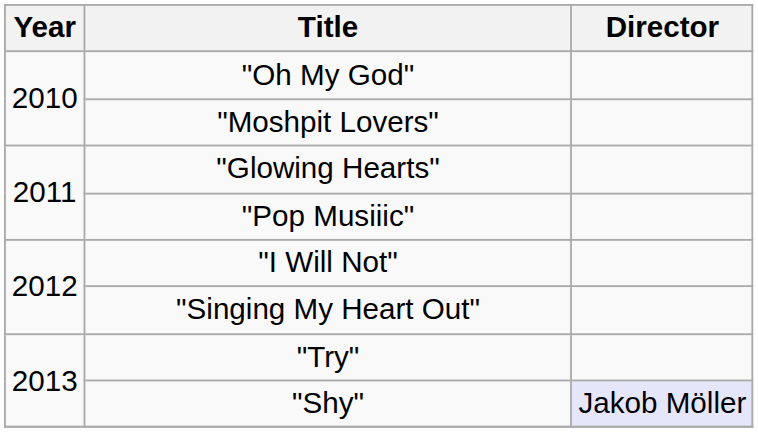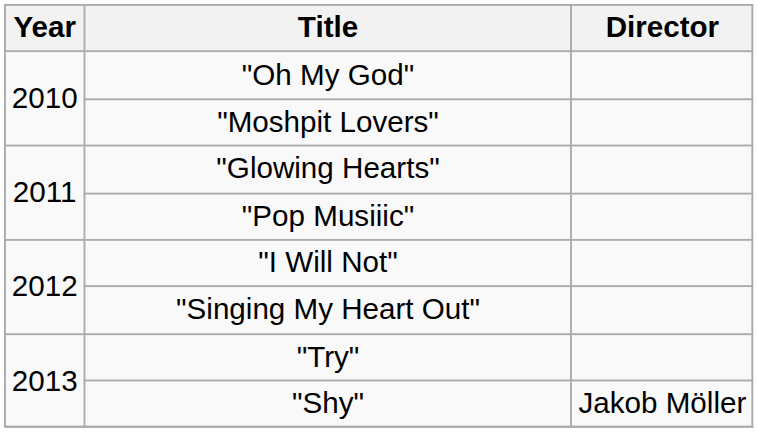 <table class="wikitable plainrowheaders" style="text-align:center;">
 <tr>
 <th scope="col">Year</th>
 <th scope="col" style="width:16em;">Title</th>
 <th scope="col">Director</th>
 </tr>
 <tr>
 <td rowspan="2">2010</td>
 <td>"Oh My God"</td>
 <td></td>
 </tr>
 <tr>
 <td>"Moshpit Lovers"</td>
 <td></td>
 </tr>
 <tr>
 <td rowspan="2">2011</td>
 <td>"Glowing Hearts"</td>
 <td></td>
 </tr>
 <tr>
 <td>"Pop Musiiic"</td>
 <td></td>
 </tr>
 <tr>
 <td rowspan="2">2012</td>
 <td>"I Will Not"</td>
 <td></td>
 </tr>
 <tr>
 <td>"Singing My Heart Out"</td>
 <td></td>
 </tr>
 <tr>
 <td rowspan="2">2013</td>
 <td>"Try"</td>
 <td></td>
 </tr>
 <tr>
 <td>"Shy"</td>
-<td style="background: lavender;">Jakob Möller</td>
+<td>Jakob Möller</td>
 </tr>
 <tr>
 </tr>
 </table>
